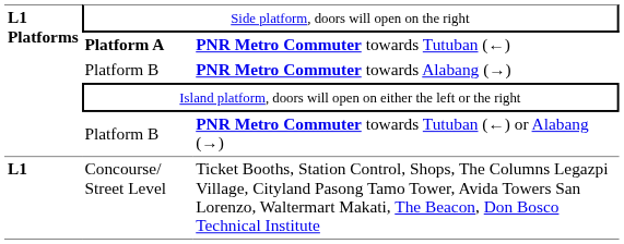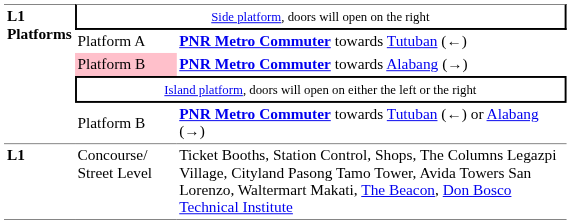 <table border=0 cellspacing=0 cellpadding=3>
 <tr>
 <td style="border-top:solid 1px gray;border-bottom:solid 1px gray;" rowspan=5 valign=top><strong>L1<br>Platforms</strong></td>
 <td style="border-top:solid 1px gray;border-right:solid 2px black;border-left:solid 2px black;border-bottom:solid 2px black;text-align:center;" colspan=2><small><a href='#'>Side platform</a>, doors will open on the right</small></td>
 </tr>
 <tr>
-<td><strong>Platform A</strong></td>
+<td>Platform A</td>
 <td><a href='#'><span><strong>PNR Metro Commuter</strong></span></a> towards <a href='#'>Tutuban</a> (←)</td>
 </tr>
 <tr>
-<td>Platform B</td>
+<td style="background: pink;">Platform B</td>
 <td><a href='#'><span><strong>PNR Metro Commuter</strong></span></a> towards <a href='#'>Alabang</a> (→)</td>
 </tr>
 <tr>
 <td style="border-top:solid 2px black;border-right:solid 2px black;border-left:solid 2px black;border-bottom:solid 2px black;text-align:center;" colspan=2><small><a href='#'>Island platform</a>, doors will open on either the left or the right</small></td>
 </tr>
 <tr>
 <td style="border-bottom:solid 1px gray;">Platform B</td>
 <td style="border-bottom:solid 1px gray;"><a href='#'><span><strong>PNR Metro Commuter</strong></span></a> towards <a href='#'>Tutuban</a> (←) or <a href='#'>Alabang</a> (→)</td>
 </tr>
 <tr>
 <td style="border-bottom:solid 1px gray;" width=50 valign=top><strong>L1</strong></td>
 <td style="border-bottom:solid 1px gray;" width=100 valign=top>Concourse/<br>Street Level</td>
 <td style="border-bottom:solid 1px gray;" width=400 valign=top>Ticket Booths, Station Control, Shops, The Columns Legazpi Village, Cityland Pasong Tamo Tower, Avida Towers San Lorenzo, Waltermart Makati, <a href='#'>The Beacon</a>, <a href='#'>Don Bosco Technical Institute</a></td>
 </tr>
 </table>
